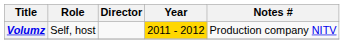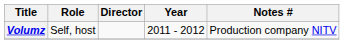 <table class="wikitable plainrowheaders sortable">
 <tr>
 <th scope="col" class="unsortable">Title</th>
 <th scope="col">Role</th>
 <th scope="col">Director</th>
 <th scope="col">Year</th>
 <th scope="col" class="unsortable">Notes #</th>
 </tr>
 <tr>
 <th scope="row"><em><a href='#'>Volumz</a></em></th>
 <td>Self, host</td>
 <td></td>
-<td style="background: gold;">2011 - 2012</td>
+<td>2011 - 2012</td>
 <td>Production company <a href='#'>NITV</a></td>
 </tr>
 <tr>
 </tr>
 </table>
